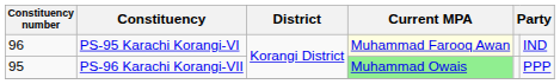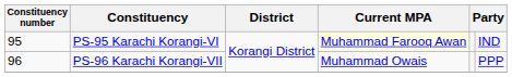 <table class="wikitable">
 <tr>
 <th width="50px" style="font-size:75%">Constituency number</th>
 <th>Constituency</th>
 <th>District</th>
 <th>Current MPA</th>
 <th colspan="2">Party</th>
 </tr>
 <tr>
-<td>96</td>
+<td>95</td>
 <td><a href='#'>PS-95 Karachi Korangi-VI</a></td>
 <td rowspan="2"><a href='#'>Korangi District</a></td>
 <td style="background: lightyellow;"><a href='#'>Muhammad Farooq Awan</a></td>
 <td></td>
 <td><a href='#'>IND</a></td>
 </tr>
 <tr>
-<td>95</td>
+<td>96</td>
 <td><a href='#'>PS-96 Karachi Korangi-VII</a></td>
-<td style="background: lightgreen;"><a href='#'>Muhammad Owais</a></td>
+<td><a href='#'>Muhammad Owais</a></td>
 <td></td>
 <td><a href='#'>PPP</a></td>
 </tr>
 <tr>
 </tr>
 </table>
